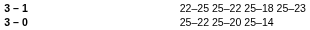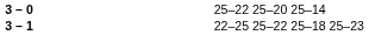 <table>
 <tr>
 <th width=200></th>
 <th width=80></th>
 <th width=200></th>
 <th width=220></th>
 </tr>
 <tr>
 <td align=right><strong></strong></td>
+<td align=center><strong>3 – 0</strong></td>
+<td></td>
+<td>25–22 25–20 25–14</td>
+</tr>
+<tr>
+<td align=right><strong></strong></td>
 <td align=center><strong>3 – 1</strong></td>
 <td></td>
 <td>22–25 25–22 25–18 25–23</td>
 </tr>
-<tr>
-<td align=right><strong></strong></td>
-<td align=center><strong>3 – 0</strong></td>
-<td></td>
-<td>25–22 25–20 25–14</td>
-</tr>
 </table>
